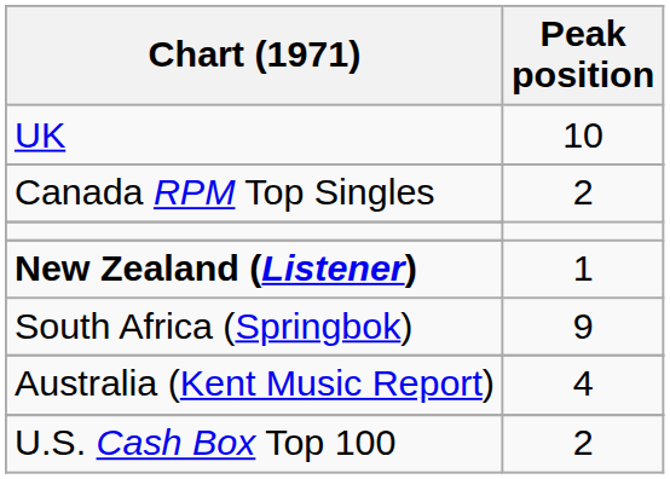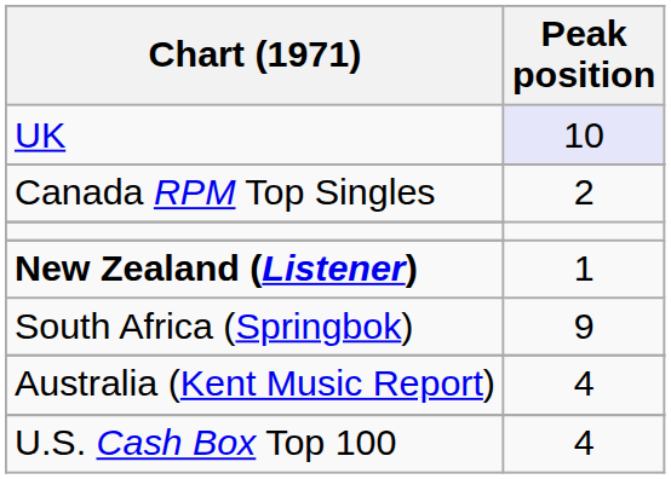 <table class="wikitable sortable">
 <tr>
 <th>Chart (1971)</th>
 <th>Peak<br>position</th>
 </tr>
 <tr>
 <td><a href='#'>UK</a></td>
-<td style="text-align:center;">10</td>
+<td style="background: lavender; text-align:center;">10</td>
 </tr>
 <tr>
 </tr>
 <tr>
 </tr>
 <tr>
 <td>Canada <em><a href='#'>RPM</a></em> Top Singles</td>
 <td style="text-align:center;">2</td>
 </tr>
 <tr>
 </tr>
 <tr>
 <td></td>
 </tr>
 <tr>
 </tr>
 <tr>
 <td><strong>New Zealand (<em><a href='#'>Listener</a></em>)</strong></td>
 <td style="text-align:center;">1</td>
 </tr>
 <tr>
 <td>South Africa (<a href='#'>Springbok</a>)</td>
 <td align="center">9</td>
 </tr>
 <tr>
 </tr>
 <tr>
 <td>Australia (<a href='#'>Kent Music Report</a>)</td>
 <td style="text-align:center;">4</td>
 </tr>
 <tr>
 </tr>
 <tr>
 </tr>
 <tr>
 <td>U.S. <a href='#'><em>Cash Box</em></a> Top 100</td>
-<td align="center">2</td>
+<td align="center">4</td>
 </tr>
 </table>
